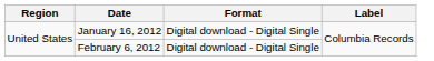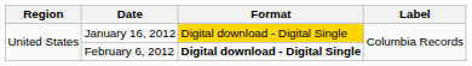 <table class=wikitable>
 <tr>
 <th>Region</th>
 <th>Date</th>
 <th>Format</th>
 <th>Label</th>
 </tr>
 <tr>
 <td rowspan="2">United States</td>
 <td>January 16, 2012</td>
-<td>Digital download - Digital Single</td>
+<td style="background: gold;">Digital download - Digital Single</td>
 <td rowspan="2">Columbia Records</td>
 </tr>
 <tr>
 <td>February 6, 2012</td>
-<td>Digital download - Digital Single</td>
+<td><strong>Digital download - Digital Single</strong></td>
 </tr>
 </table>
